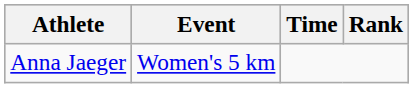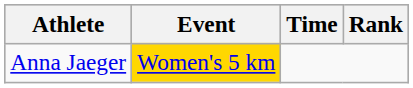 <table class="wikitable" style="font-size:90%;">
 <tr>
 <th>Athlete</th>
 <th>Event</th>
 <th>Time</th>
 <th>Rank</th>
 </tr>
 <tr align=center>
 <td align=left><a href='#'>Anna Jaeger</a></td>
-<td align=left><a href='#'>Women's 5 km</a></td>
+<td align=left style="background: gold;"><a href='#'>Women's 5 km</a></td>
 <td colspan=2></td>
 </tr>
 </table>
